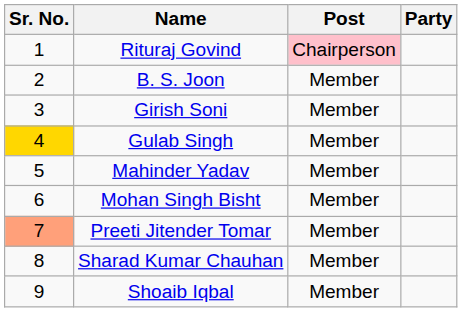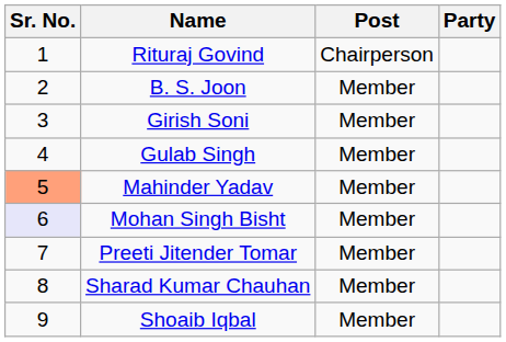 <table class="wikitable sortable">
 <tr>
 <th>Sr. No.</th>
 <th>Name</th>
 <th>Post</th>
 <th colspan="2">Party</th>
 </tr>
 <tr align="center">
 <td>1</td>
 <td><a href='#'>Rituraj Govind</a></td>
-<td style="background: pink;">Chairperson</td>
+<td>Chairperson</td>
 <td></td>
 </tr>
 <tr align="center">
 <td>2</td>
 <td><a href='#'>B. S. Joon</a></td>
 <td>Member</td>
 <td></td>
 </tr>
 <tr align="center">
 <td>3</td>
 <td><a href='#'>Girish Soni</a></td>
 <td>Member</td>
 <td></td>
 </tr>
 <tr align="center">
-<td style="background: gold;">4</td>
+<td>4</td>
 <td><a href='#'>Gulab Singh</a></td>
 <td>Member</td>
 <td></td>
 </tr>
 <tr align="center">
-<td>5</td>
+<td style="background: lightsalmon;">5</td>
 <td><a href='#'>Mahinder Yadav</a></td>
 <td>Member</td>
 <td></td>
 </tr>
 <tr align="center">
-<td>6</td>
+<td style="background: lavender;">6</td>
 <td><a href='#'>Mohan Singh Bisht</a></td>
 <td>Member</td>
 <td></td>
 </tr>
 <tr align="center">
-<td style="background: lightsalmon;">7</td>
+<td>7</td>
 <td><a href='#'>Preeti Jitender Tomar</a></td>
 <td>Member</td>
 <td></td>
 </tr>
 <tr align="center">
 <td>8</td>
 <td><a href='#'>Sharad Kumar Chauhan</a></td>
 <td>Member</td>
 <td></td>
 </tr>
 <tr align="center">
 <td>9</td>
 <td><a href='#'>Shoaib Iqbal</a></td>
 <td>Member</td>
 <td></td>
 </tr>
 </table>
